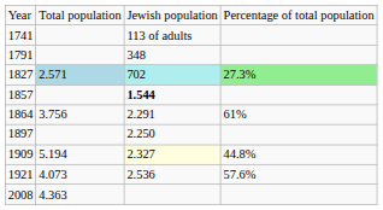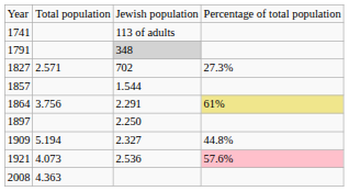 <table class="wikitable">
 <tr>
 <td>Year</td>
 <td>Total population</td>
 <td>Jewish population</td>
 <td>Percentage of total population</td>
 </tr>
 <tr>
 <td>1741</td>
 <td></td>
 <td>113 of adults</td>
 <td></td>
 </tr>
 <tr>
 <td>1791</td>
 <td></td>
-<td>348</td>
+<td style="background: lightgrey;">348</td>
 <td></td>
 </tr>
 <tr>
 <td>1827</td>
-<td style="background: lightblue;">2.571</td>
-<td style="background: paleturquoise;">702</td>
-<td style="background: lightgreen;">27.3%</td>
+<td>2.571</td>
+<td>702</td>
+<td>27.3%</td>
 </tr>
 <tr>
 <td>1857</td>
 <td></td>
-<td><strong>1.544</strong></td>
+<td>1.544</td>
 <td></td>
 </tr>
 <tr>
 <td>1864</td>
 <td>3.756</td>
 <td>2.291</td>
-<td>61%</td>
+<td style="background: khaki;">61%</td>
 </tr>
 <tr>
 <td>1897</td>
 <td></td>
 <td>2.250</td>
 <td></td>
 </tr>
 <tr>
 <td>1909</td>
 <td>5.194</td>
-<td style="background: lightyellow;">2.327</td>
+<td>2.327</td>
 <td>44.8%</td>
 </tr>
 <tr>
 <td>1921</td>
 <td>4.073</td>
 <td>2.536</td>
-<td>57.6%</td>
+<td style="background: pink;">57.6%</td>
 </tr>
 <tr>
 <td>2008</td>
 <td>4.363</td>
 <td></td>
 <td></td>
 </tr>
 </table>
